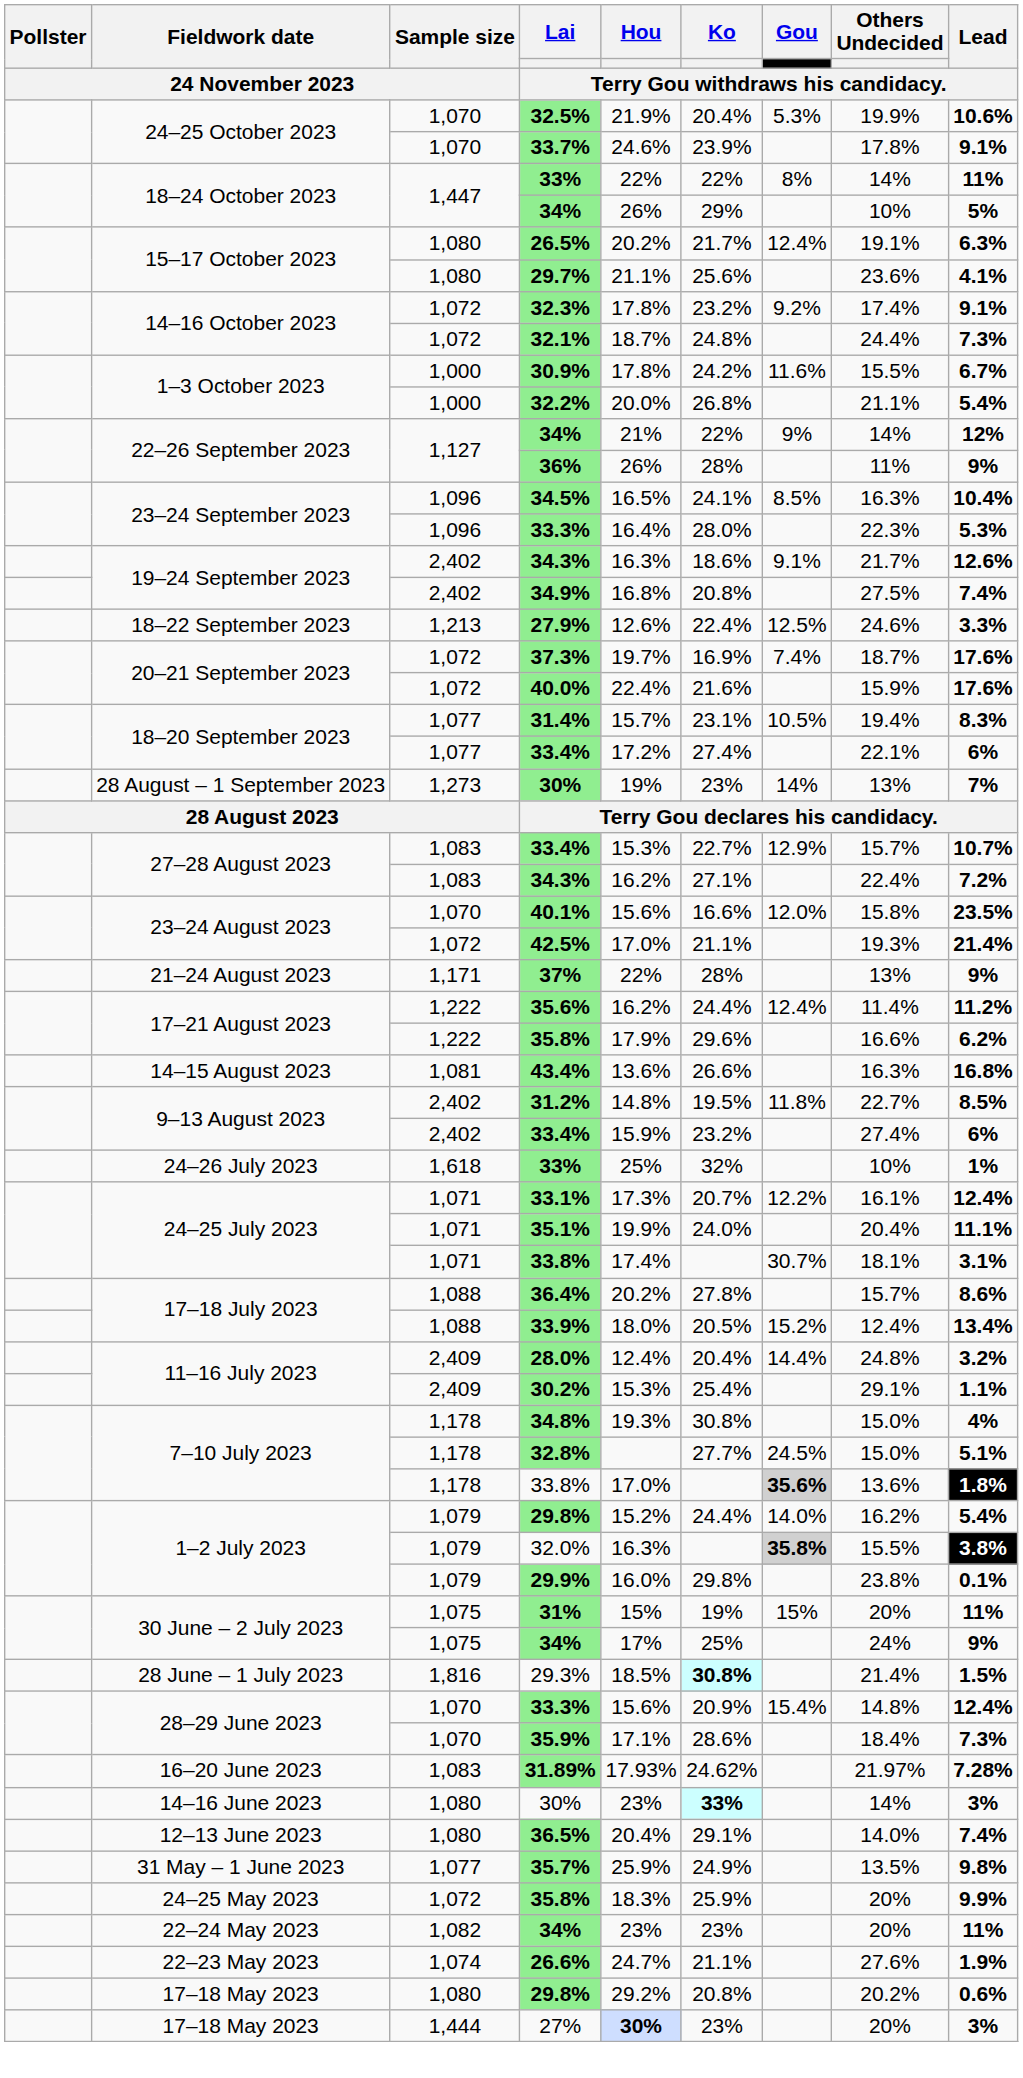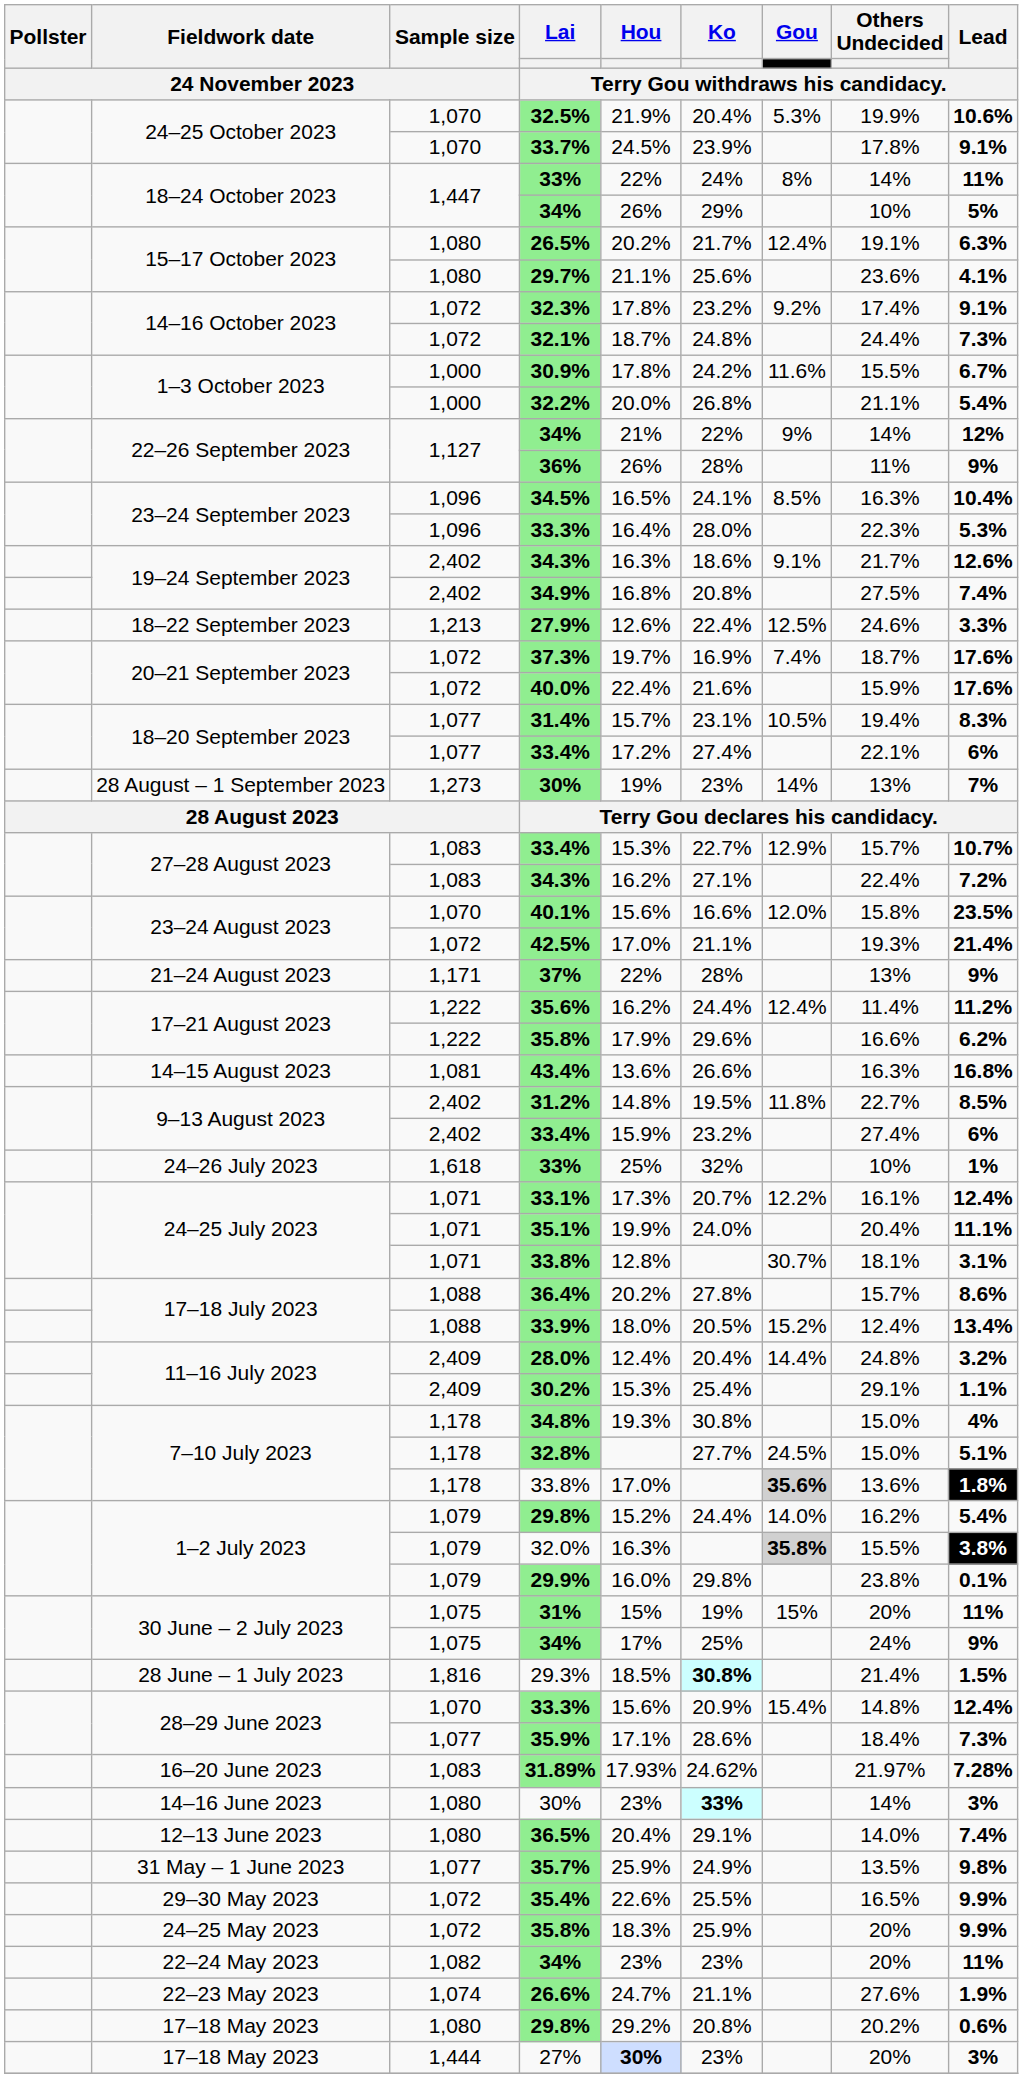 <table class="wikitable" style="text-align:center; font-size:95%; line-height:16px;">
 <tr>
 <th rowspan="2">Pollster</th>
 <th rowspan="2">Fieldwork date</th>
 <th rowspan="2">Sample size</th>
 <th><a href='#'>Lai</a><br></th>
 <th><a href='#'>Hou</a><br></th>
 <th><a href='#'>Ko</a><br></th>
 <th><a href='#'>Gou</a><br></th>
 <th>Others<br>Undecided</th>
 <th rowspan="2">Lead</th>
 </tr>
 <tr>
 <th style="background:"></th>
 <th style="background:"></th>
 <th style="background:"></th>
 <th style="background:#000000"></th>
 <th style="background:"></th>
 </tr>
 <tr>
 <th colspan="3">24 November 2023</th>
 <th colspan="6">Terry Gou withdraws his candidacy.</th>
 </tr>
 <tr>
 <td rowspan="2"></td>
 <td rowspan="2">24–25 October 2023</td>
 <td>1,070</td>
 <td style="background:#90ee90;"><strong>32.5%</strong></td>
 <td>21.9%</td>
 <td>20.4%</td>
 <td>5.3%</td>
 <td>19.9%</td>
 <td style="background:"><strong>10.6%</strong></td>
 </tr>
 <tr>
 <td>1,070</td>
 <td style="background:#90ee90;"><strong>33.7%</strong></td>
-<td>24.6%</td>
+<td>24.5%</td>
 <td>23.9%</td>
 <td></td>
 <td>17.8%</td>
 <td style="background:"><strong>9.1%</strong></td>
 </tr>
 <tr>
 <td rowspan="2"></td>
 <td rowspan="2">18–24 October 2023</td>
 <td rowspan="2">1,447</td>
 <td style="background:#90ee90;"><strong>33%</strong></td>
 <td>22%</td>
-<td>22%</td>
+<td>24%</td>
 <td>8%</td>
 <td>14%</td>
 <td style="background:"><strong>11%</strong></td>
 </tr>
 <tr>
 <td style="background:#90ee90;"><strong>34%</strong></td>
 <td>26%</td>
 <td>29%</td>
 <td></td>
 <td>10%</td>
 <td style="background:"><strong>5%</strong></td>
 </tr>
 <tr>
 <td rowspan="2"></td>
 <td rowspan="2">15–17 October 2023</td>
 <td>1,080</td>
 <td style="background:#90ee90;"><strong>26.5%</strong></td>
 <td>20.2%</td>
 <td>21.7%</td>
 <td>12.4%</td>
 <td>19.1%</td>
 <td style="background:"><strong>6.3%</strong></td>
 </tr>
 <tr>
 <td>1,080</td>
 <td style="background:#90ee90;"><strong>29.7%</strong></td>
 <td>21.1%</td>
 <td>25.6%</td>
 <td></td>
 <td>23.6%</td>
 <td style="background:"><strong>4.1%</strong></td>
 </tr>
 <tr>
 <td rowspan="2"></td>
 <td rowspan="2">14–16 October 2023</td>
 <td>1,072</td>
 <td style="background:#90ee90;"><strong>32.3%</strong></td>
 <td>17.8%</td>
 <td>23.2%</td>
 <td>9.2%</td>
 <td>17.4%</td>
 <td style="background:"><strong>9.1%</strong></td>
 </tr>
 <tr>
 <td>1,072</td>
 <td style="background:#90ee90;"><strong>32.1%</strong></td>
 <td>18.7%</td>
 <td>24.8%</td>
 <td></td>
 <td>24.4%</td>
 <td style="background:"><strong>7.3%</strong></td>
 </tr>
 <tr>
 <td rowspan="2"></td>
 <td rowspan="2">1–3 October 2023</td>
 <td>1,000</td>
 <td style="background:#90ee90;"><strong>30.9%</strong></td>
 <td>17.8%</td>
 <td>24.2%</td>
 <td>11.6%</td>
 <td>15.5%</td>
 <td style="background:"><strong>6.7%</strong></td>
 </tr>
 <tr>
 <td>1,000</td>
 <td style="background:#90ee90;"><strong>32.2%</strong></td>
 <td>20.0%</td>
 <td>26.8%</td>
 <td></td>
 <td>21.1%</td>
 <td style="background:"><strong>5.4%</strong></td>
 </tr>
 <tr>
 <td rowspan="2"></td>
 <td rowspan="2">22–26 September 2023</td>
 <td rowspan="2">1,127</td>
 <td style="background:#90ee90;"><strong>34%</strong></td>
 <td>21%</td>
 <td>22%</td>
 <td>9%</td>
 <td>14%</td>
 <td style="background:"><strong>12%</strong></td>
 </tr>
 <tr>
 <td style="background:#90ee90;"><strong>36%</strong></td>
 <td>26%</td>
 <td>28%</td>
 <td></td>
 <td>11%</td>
 <td style="background:"><strong>9%</strong></td>
 </tr>
 <tr>
 <td rowspan="2"></td>
 <td rowspan="2">23–24 September 2023</td>
 <td>1,096</td>
 <td style="background:#90ee90;"><strong>34.5%</strong></td>
 <td>16.5%</td>
 <td>24.1%</td>
 <td>8.5%</td>
 <td>16.3%</td>
 <td style="background:"><strong>10.4%</strong></td>
 </tr>
 <tr>
 <td>1,096</td>
 <td style="background:#90ee90;"><strong>33.3%</strong></td>
 <td>16.4%</td>
 <td>28.0%</td>
 <td></td>
 <td>22.3%</td>
 <td style="background:"><strong>5.3%</strong></td>
 </tr>
 <tr>
 <td></td>
 <td rowspan="2">19–24 September 2023</td>
 <td>2,402</td>
 <td style="background:#90ee90;"><strong>34.3%</strong></td>
 <td>16.3%</td>
 <td>18.6%</td>
 <td>9.1%</td>
 <td>21.7%</td>
 <td style="background:"><strong>12.6%</strong></td>
 </tr>
 <tr>
 <td></td>
 <td>2,402</td>
 <td style="background:#90ee90;"><strong>34.9%</strong></td>
 <td>16.8%</td>
 <td>20.8%</td>
 <td></td>
 <td>27.5%</td>
 <td style="background:"><strong>7.4%</strong></td>
 </tr>
 <tr>
 <td></td>
 <td>18–22 September 2023</td>
 <td>1,213</td>
 <td style="background:#90ee90;"><strong>27.9%</strong></td>
 <td>12.6%</td>
 <td>22.4%</td>
 <td>12.5%</td>
 <td>24.6%</td>
 <td style="background:"><strong>3.3%</strong></td>
 </tr>
 <tr>
 <td rowspan="2"></td>
 <td rowspan="2">20–21 September 2023</td>
 <td>1,072</td>
 <td style="background:#90ee90;"><strong>37.3%</strong></td>
 <td>19.7%</td>
 <td>16.9%</td>
 <td>7.4%</td>
 <td>18.7%</td>
 <td style="background:"><strong>17.6%</strong></td>
 </tr>
 <tr>
 <td>1,072</td>
 <td style="background:#90ee90;"><strong>40.0%</strong></td>
 <td>22.4%</td>
 <td>21.6%</td>
 <td></td>
 <td>15.9%</td>
 <td style="background:"><strong>17.6%</strong></td>
 </tr>
 <tr>
 <td rowspan="2"></td>
 <td rowspan="2">18–20 September 2023</td>
 <td>1,077</td>
 <td style="background:#90ee90;"><strong>31.4%</strong></td>
 <td>15.7%</td>
 <td>23.1%</td>
 <td>10.5%</td>
 <td>19.4%</td>
 <td style="background:"><strong>8.3%</strong></td>
 </tr>
 <tr>
 <td>1,077</td>
 <td style="background:#90ee90;"><strong>33.4%</strong></td>
 <td>17.2%</td>
 <td>27.4%</td>
 <td></td>
 <td>22.1%</td>
 <td style="background:"><strong>6%</strong></td>
 </tr>
 <tr>
 <td></td>
 <td>28 August – 1 September 2023</td>
 <td>1,273</td>
 <td style="background:#90ee90;"><strong>30%</strong></td>
 <td>19%</td>
 <td>23%</td>
 <td>14%</td>
 <td>13%</td>
 <td style="background:"><strong>7%</strong></td>
 </tr>
 <tr>
 <th colspan="3">28 August 2023</th>
 <th colspan="6">Terry Gou declares his candidacy.</th>
 </tr>
 <tr>
 <td rowspan="2"></td>
 <td rowspan="2">27–28 August 2023</td>
 <td>1,083</td>
 <td style="background:#90ee90;"><strong>33.4%</strong></td>
 <td>15.3%</td>
 <td>22.7%</td>
 <td>12.9%</td>
 <td>15.7%</td>
 <td style="background:"><strong>10.7%</strong></td>
 </tr>
 <tr>
 <td>1,083</td>
 <td style="background:#90ee90;"><strong>34.3%</strong></td>
 <td>16.2%</td>
 <td>27.1%</td>
 <td></td>
 <td>22.4%</td>
 <td style="background:"><strong>7.2%</strong></td>
 </tr>
 <tr>
 <td rowspan="2"></td>
 <td rowspan="2">23–24 August 2023</td>
 <td>1,070</td>
 <td style="background:#90ee90;"><strong>40.1%</strong></td>
 <td>15.6%</td>
 <td>16.6%</td>
 <td>12.0%</td>
 <td>15.8%</td>
 <td style="background:"><strong>23.5%</strong></td>
 </tr>
 <tr>
 <td>1,072</td>
 <td style="background:#90ee90;"><strong>42.5%</strong></td>
 <td>17.0%</td>
 <td>21.1%</td>
 <td></td>
 <td>19.3%</td>
 <td style="background:"><strong>21.4%</strong></td>
 </tr>
 <tr>
 <td></td>
 <td>21–24 August 2023</td>
 <td>1,171</td>
 <td style="background:#90ee90;"><strong>37%</strong></td>
 <td>22%</td>
 <td>28%</td>
 <td></td>
 <td>13%</td>
 <td style="background:"><strong>9%</strong></td>
 </tr>
 <tr>
 <td rowspan="2"></td>
 <td rowspan="2">17–21 August 2023</td>
 <td>1,222</td>
 <td style="background:#90ee90;"><strong>35.6%</strong></td>
 <td>16.2%</td>
 <td>24.4%</td>
 <td>12.4%</td>
 <td>11.4%</td>
 <td style="background:"><strong>11.2%</strong></td>
 </tr>
 <tr>
 <td>1,222</td>
 <td style="background:#90ee90;"><strong>35.8%</strong></td>
 <td>17.9%</td>
 <td>29.6%</td>
 <td></td>
 <td>16.6%</td>
 <td style="background:"><strong>6.2%</strong></td>
 </tr>
 <tr>
 <td></td>
 <td>14–15 August 2023</td>
 <td>1,081</td>
 <td style="background:#90ee90;"><strong>43.4%</strong></td>
 <td>13.6%</td>
 <td>26.6%</td>
 <td></td>
 <td>16.3%</td>
 <td style="background:"><strong>16.8%</strong></td>
 </tr>
 <tr>
 <td rowspan="2"></td>
 <td rowspan="2">9–13 August 2023</td>
 <td>2,402</td>
 <td style="background:#90ee90;"><strong>31.2%</strong></td>
 <td>14.8%</td>
 <td>19.5%</td>
 <td>11.8%</td>
 <td>22.7%</td>
 <td style="background:"><strong>8.5%</strong></td>
 </tr>
 <tr>
 <td>2,402</td>
 <td style="background:#90ee90;"><strong>33.4%</strong></td>
 <td>15.9%</td>
 <td>23.2%</td>
 <td></td>
 <td>27.4%</td>
 <td style="background:"><strong>6%</strong></td>
 </tr>
 <tr>
 <td></td>
 <td>24–26 July 2023</td>
 <td>1,618</td>
 <td style="background:#90ee90;"><strong>33%</strong></td>
 <td>25%</td>
 <td>32%</td>
 <td></td>
 <td>10%</td>
 <td style="background:"><strong>1%</strong></td>
 </tr>
 <tr>
 <td rowspan="3"></td>
 <td rowspan="3">24–25 July 2023</td>
 <td>1,071</td>
 <td style="background:#90ee90;"><strong>33.1%</strong></td>
 <td>17.3%</td>
 <td>20.7%</td>
 <td>12.2%</td>
 <td>16.1%</td>
 <td style="background:"><strong>12.4%</strong></td>
 </tr>
 <tr>
 <td>1,071</td>
 <td style="background:#90ee90;"><strong>35.1%</strong></td>
 <td>19.9%</td>
 <td>24.0%</td>
 <td></td>
 <td>20.4%</td>
 <td style="background:"><strong>11.1%</strong></td>
 </tr>
 <tr>
 <td>1,071</td>
 <td style="background:#90ee90;"><strong>33.8%</strong></td>
-<td>17.4%</td>
+<td>12.8%</td>
 <td></td>
 <td>30.7%</td>
 <td>18.1%</td>
 <td style="background:"><strong>3.1%</strong></td>
 </tr>
 <tr>
 <td></td>
 <td rowspan="2">17–18 July 2023</td>
 <td>1,088</td>
 <td style="background:#90ee90;"><strong>36.4%</strong></td>
 <td>20.2%</td>
 <td>27.8%</td>
 <td></td>
 <td>15.7%</td>
 <td style="background:"><strong>8.6%</strong></td>
 </tr>
 <tr>
 <td></td>
 <td>1,088</td>
 <td style="background:#90ee90;"><strong>33.9%</strong></td>
 <td>18.0%</td>
 <td>20.5%</td>
 <td>15.2%</td>
 <td>12.4%</td>
 <td style="background:"><strong>13.4%</strong></td>
 </tr>
 <tr>
 <td></td>
 <td rowspan="2">11–16 July 2023</td>
 <td>2,409</td>
 <td style="background:#90ee90;"><strong>28.0%</strong></td>
 <td>12.4%</td>
 <td>20.4%</td>
 <td>14.4%</td>
 <td>24.8%</td>
 <td style="background:"><strong>3.2%</strong></td>
 </tr>
 <tr>
 <td></td>
 <td>2,409</td>
 <td style="background:#90ee90;"><strong>30.2%</strong></td>
 <td>15.3%</td>
 <td>25.4%</td>
 <td></td>
 <td>29.1%</td>
 <td style="background:"><strong>1.1%</strong></td>
 </tr>
 <tr>
 <td rowspan="3"></td>
 <td rowspan="3">7–10 July 2023</td>
 <td>1,178</td>
 <td style="background:#90ee90;"><strong>34.8%</strong></td>
 <td>19.3%</td>
 <td>30.8%</td>
 <td></td>
 <td>15.0%</td>
 <td style="background:"><strong>4%</strong></td>
 </tr>
 <tr>
 <td>1,178</td>
 <td style="background:#90ee90;"><strong>32.8%</strong></td>
 <td></td>
 <td>27.7%</td>
 <td>24.5%</td>
 <td>15.0%</td>
 <td style="background:"><strong>5.1%</strong></td>
 </tr>
 <tr>
 <td>1,178</td>
 <td>33.8%</td>
 <td>17.0%</td>
 <td></td>
 <td style="background:#D0D0D0;"><strong>35.6%</strong></td>
 <td>13.6%</td>
 <td style="background:#000000; color:white"><strong>1.8%</strong></td>
 </tr>
 <tr>
 <td rowspan="3"></td>
 <td rowspan="3">1–2 July 2023</td>
 <td>1,079</td>
 <td style="background:#90ee90;"><strong>29.8%</strong></td>
 <td>15.2%</td>
 <td>24.4%</td>
 <td>14.0%</td>
 <td>16.2%</td>
 <td style="background:"><strong>5.4%</strong></td>
 </tr>
 <tr>
 <td>1,079</td>
 <td>32.0%</td>
 <td>16.3%</td>
 <td></td>
 <td style="background:#D0D0D0;"><strong>35.8%</strong></td>
 <td>15.5%</td>
 <td style="background:#000000; color:white"><strong>3.8%</strong></td>
 </tr>
 <tr>
 <td>1,079</td>
 <td style="background:#90ee90;"><strong>29.9%</strong></td>
 <td>16.0%</td>
 <td>29.8%</td>
 <td></td>
 <td>23.8%</td>
 <td style="background:"><strong>0.1%</strong></td>
 </tr>
 <tr>
 <td rowspan="2"></td>
 <td rowspan="2">30 June – 2 July 2023</td>
 <td>1,075</td>
 <td style="background:#90ee90;"><strong>31%</strong></td>
 <td>15%</td>
 <td>19%</td>
 <td>15%</td>
 <td>20%</td>
 <td style="background:"><strong>11%</strong></td>
 </tr>
 <tr>
 <td>1,075</td>
 <td style="background:#90ee90;"><strong>34%</strong></td>
 <td>17%</td>
 <td>25%</td>
 <td></td>
 <td>24%</td>
 <td style="background:"><strong>9%</strong></td>
 </tr>
 <tr>
 <td></td>
 <td>28 June – 1 July 2023</td>
 <td>1,816</td>
 <td>29.3%</td>
 <td>18.5%</td>
 <td style="background-color:#ccffff;"><strong>30.8%</strong></td>
 <td></td>
 <td>21.4%</td>
 <td style="background:"><strong>1.5%</strong></td>
 </tr>
 <tr>
 <td rowspan="2"></td>
 <td rowspan="2">28–29 June 2023</td>
 <td>1,070</td>
 <td style="background:#90ee90;"><strong>33.3%</strong></td>
 <td>15.6%</td>
 <td>20.9%</td>
 <td>15.4%</td>
 <td>14.8%</td>
 <td style="background:"><strong>12.4%</strong></td>
 </tr>
 <tr>
-<td>1,070</td>
+<td>1,077</td>
 <td style="background:#90ee90;"><strong>35.9%</strong></td>
 <td>17.1%</td>
 <td>28.6%</td>
 <td></td>
 <td>18.4%</td>
 <td style="background:"><strong>7.3%</strong></td>
 </tr>
 <tr>
 <td></td>
 <td>16–20 June 2023</td>
 <td>1,083</td>
 <td style="background:#90ee90;"><strong>31.89%</strong></td>
 <td>17.93%</td>
 <td>24.62%</td>
 <td></td>
 <td>21.97%</td>
 <td style="background:"><strong>7.28%</strong></td>
 </tr>
 <tr>
 <td></td>
 <td>14–16 June 2023</td>
 <td>1,080</td>
 <td>30%</td>
 <td>23%</td>
 <td style="background-color:#ccffff;"><strong>33%</strong></td>
 <td></td>
 <td>14%</td>
 <td style="background:"><strong>3%</strong></td>
 </tr>
 <tr>
 <td></td>
 <td>12–13 June 2023</td>
 <td>1,080</td>
 <td style="background:#90ee90;"><strong>36.5%</strong></td>
 <td>20.4%</td>
 <td>29.1%</td>
 <td></td>
 <td>14.0%</td>
 <td style="background:"><strong>7.4%</strong></td>
 </tr>
 <tr>
 <td></td>
 <td>31 May – 1 June 2023</td>
 <td>1,077</td>
 <td style="background:#90ee90;"><strong>35.7%</strong></td>
 <td>25.9%</td>
 <td>24.9%</td>
 <td></td>
 <td>13.5%</td>
 <td style="background:"><strong>9.8%</strong></td>
+</tr>
+<tr>
+<td></td>
+<td>29–30 May 2023</td>
+<td>1,072</td>
+<td style="background:#90ee90;"><strong>35.4%</strong></td>
+<td>22.6%</td>
+<td>25.5%</td>
+<td></td>
+<td>16.5%</td>
+<td style="background:"><strong>9.9%</strong></td>
 </tr>
 <tr>
 <td></td>
 <td>24–25 May 2023</td>
 <td>1,072</td>
 <td style="background:#90ee90;"><strong>35.8%</strong></td>
 <td>18.3%</td>
 <td>25.9%</td>
 <td></td>
 <td>20%</td>
 <td style="background:"><strong>9.9%</strong></td>
 </tr>
 <tr>
 <td></td>
 <td>22–24 May 2023</td>
 <td>1,082</td>
 <td style="background:#90ee90;"><strong>34%</strong></td>
 <td>23%</td>
 <td>23%</td>
 <td></td>
 <td>20%</td>
 <td style="background:"><strong>11%</strong></td>
 </tr>
 <tr>
 <td></td>
 <td>22–23 May 2023</td>
 <td>1,074</td>
 <td style="background:#90ee90;"><strong>26.6%</strong></td>
 <td>24.7%</td>
 <td>21.1%</td>
 <td></td>
 <td>27.6%</td>
 <td style="background:"><strong>1.9%</strong></td>
 </tr>
 <tr>
 <td></td>
 <td>17–18 May 2023</td>
 <td>1,080</td>
 <td style="background:#90ee90;"><strong>29.8%</strong></td>
 <td>29.2%</td>
 <td>20.8%</td>
 <td></td>
 <td>20.2%</td>
 <td style="background:"><strong>0.6%</strong></td>
 </tr>
 <tr>
 <td></td>
 <td>17–18 May 2023</td>
 <td>1,444</td>
 <td>27%</td>
 <td style="background:#cedeff;"><strong>30%</strong></td>
 <td>23%</td>
 <td></td>
 <td>20%</td>
 <td style="background:"><strong>3%</strong></td>
 </tr>
 <tr>
 </tr>
 </table>
